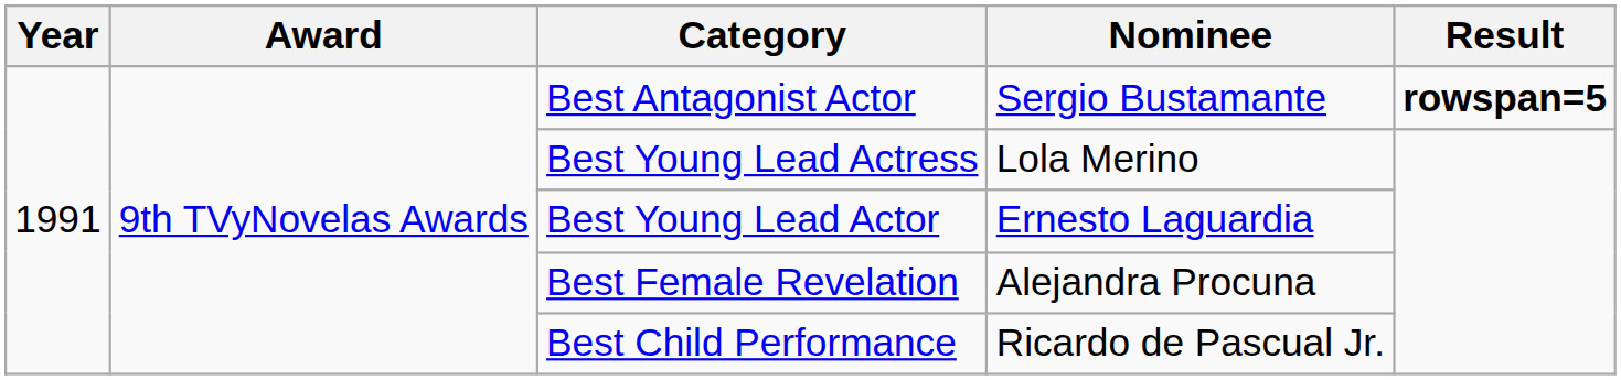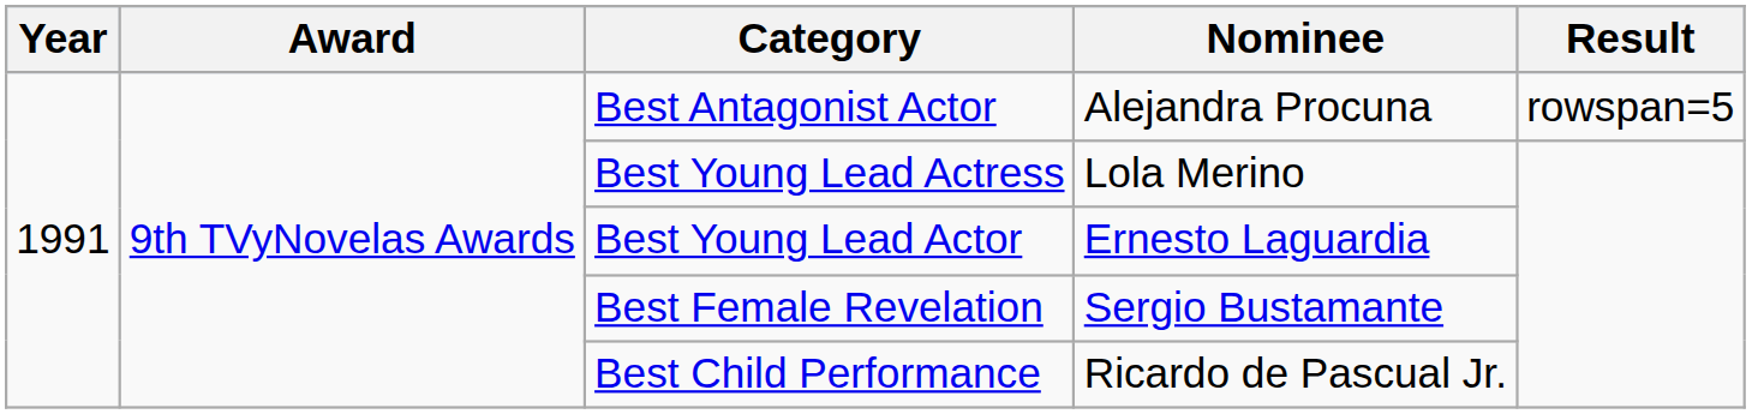 <table class="wikitable">
 <tr style="background:#b0c4de;">
 <th>Year</th>
 <th>Award</th>
 <th>Category</th>
 <th>Nominee</th>
 <th>Result</th>
 </tr>
 <tr>
 <td rowspan=5>1991</td>
 <td rowspan=5><a href='#'>9th TVyNovelas Awards</a></td>
 <td><a href='#'>Best Antagonist Actor</a></td>
-<td><a href='#'>Sergio Bustamante</a></td>
-<td><strong>rowspan=5 </strong></td>
+<td>Alejandra Procuna</td>
+<td>rowspan=5 </td>
 </tr>
 <tr>
 <td><a href='#'>Best Young Lead Actress</a></td>
 <td>Lola Merino</td>
 </tr>
 <tr>
 <td><a href='#'>Best Young Lead Actor</a></td>
 <td><a href='#'>Ernesto Laguardia</a></td>
 </tr>
 <tr>
 <td><a href='#'>Best Female Revelation</a></td>
-<td>Alejandra Procuna</td>
+<td><a href='#'>Sergio Bustamante</a></td>
 </tr>
 <tr>
 <td><a href='#'>Best Child Performance</a></td>
 <td>Ricardo de Pascual Jr.</td>
 </tr>
 </table>
